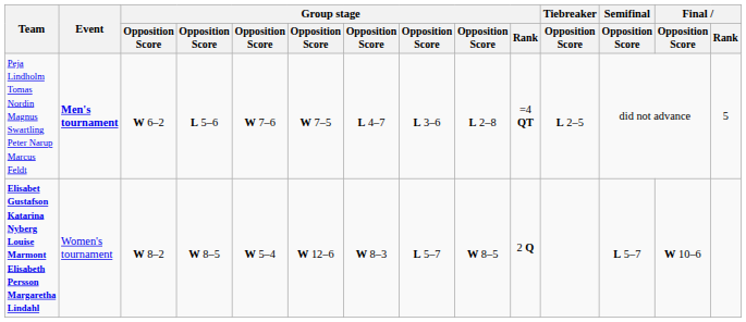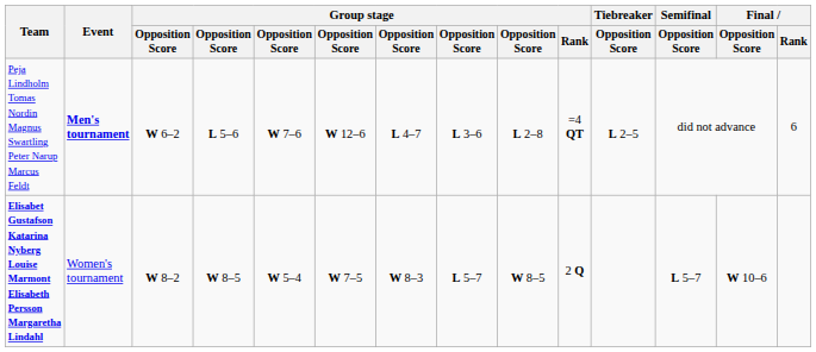 <table class="wikitable" style="font-size:90%">
 <tr>
 <th rowspan=2>Team</th>
 <th rowspan=2>Event</th>
 <th colspan=8>Group stage</th>
 <th>Tiebreaker</th>
 <th>Semifinal</th>
 <th colspan=2>Final / </th>
 </tr>
 <tr style="font-size:95%">
 <th>Opposition<br>Score</th>
 <th>Opposition<br>Score</th>
 <th>Opposition<br>Score</th>
 <th>Opposition<br>Score</th>
 <th>Opposition<br>Score</th>
 <th>Opposition<br>Score</th>
 <th>Opposition<br>Score</th>
 <th>Rank</th>
 <th>Opposition<br>Score</th>
 <th>Opposition<br>Score</th>
 <th>Opposition<br>Score</th>
 <th>Rank</th>
 </tr>
 <tr align=center>
 <td align=left><small><a href='#'>Peja Lindholm</a><br><a href='#'>Tomas Nordin</a><br><a href='#'>Magnus Swartling</a><br><a href='#'>Peter Narup</a><br><a href='#'>Marcus Feldt</a></small></td>
 <td align=left><strong><a href='#'>Men's tournament</a></strong></td>
 <td><br> <strong>W</strong> 6–2</td>
 <td><br> <strong>L</strong> 5–6</td>
 <td><br> <strong>W</strong> 7–6</td>
-<td><br> <strong>W</strong> 7–5</td>
+<td><br> <strong>W</strong> 12–6</td>
 <td><br> <strong>L</strong> 4–7</td>
 <td><br> <strong>L</strong> 3–6</td>
 <td><br> <strong>L</strong> 2–8</td>
 <td>=4 <strong>QT</strong></td>
 <td><br> <strong>L</strong> 2–5</td>
 <td colspan=2>did not advance</td>
-<td>5</td>
+<td>6</td>
 </tr>
 <tr align=center>
 <td align=left><strong><small><a href='#'>Elisabet Gustafson</a><br><a href='#'>Katarina Nyberg</a><br><a href='#'>Louise Marmont</a><br><a href='#'>Elisabeth Persson</a><br><a href='#'>Margaretha Lindahl</a></small></strong></td>
 <td align=left><a href='#'>Women's tournament</a></td>
 <td><br> <strong>W</strong> 8–2</td>
 <td><br> <strong>W</strong> 8–5</td>
 <td><br> <strong>W</strong> 5–4</td>
-<td><br> <strong>W</strong> 12–6</td>
+<td><br> <strong>W</strong> 7–5</td>
 <td><br> <strong>W</strong> 8–3</td>
 <td><br> <strong>L</strong> 5–7</td>
 <td><br> <strong>W</strong> 8–5</td>
 <td>2 <strong>Q</strong></td>
 <td></td>
 <td><br> <strong>L</strong> 5–7</td>
 <td><br> <strong>W</strong> 10–6</td>
 <td></td>
 </tr>
 </table>
